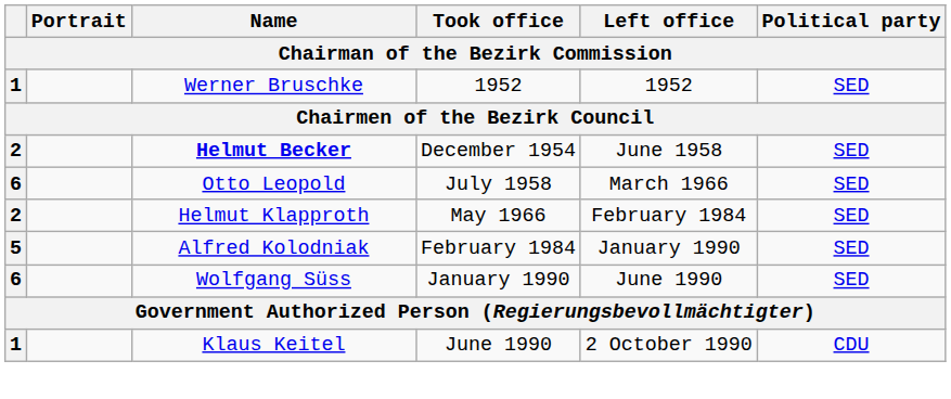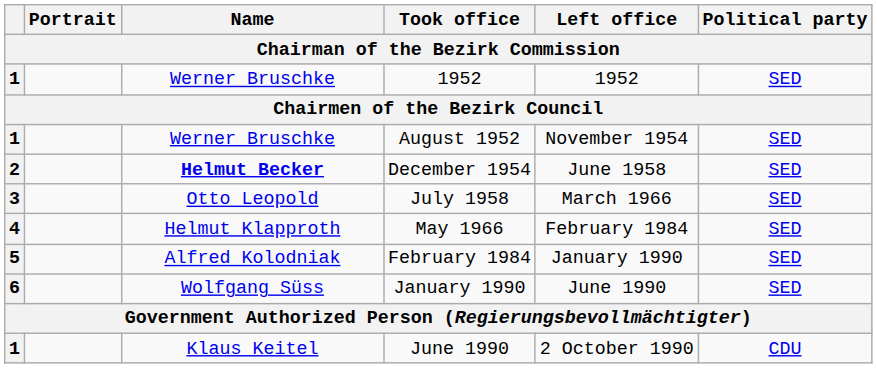 <table class="wikitable" style="text-align:center">
 <tr>
 <th></th>
 <th>Portrait</th>
 <th width=180>Name<br></th>
 <th>Took office</th>
 <th>Left office</th>
 <th>Political party</th>
 </tr>
 <tr>
 <th colspan=6>Chairman of the Bezirk Commission</th>
 </tr>
 <tr>
 <th style="background:">1</th>
 <td></td>
 <td><a href='#'>Werner Bruschke</a><br></td>
 <td>1952</td>
 <td>1952</td>
 <td><a href='#'>SED</a></td>
 </tr>
 <tr>
 <th colspan=6>Chairmen of the Bezirk Council</th>
 </tr>
 <tr>
+<th style="background:">1</th>
+<td></td>
+<td><a href='#'>Werner Bruschke</a><br></td>
+<td>August 1952</td>
+<td>November 1954</td>
+<td><a href='#'>SED</a></td>
+</tr>
+<tr>
 <th style="background:">2</th>
 <td></td>
 <td><strong><a href='#'>Helmut Becker</a><br></strong></td>
 <td>December 1954</td>
 <td>June 1958</td>
 <td><a href='#'>SED</a></td>
 </tr>
 <tr>
-<th style="background:">6</th>
+<th style="background:">3</th>
 <td></td>
 <td><a href='#'>Otto Leopold</a><br></td>
 <td>July 1958</td>
 <td>March 1966</td>
 <td><a href='#'>SED</a></td>
 </tr>
 <tr>
-<th style="background:">2</th>
+<th style="background:">4</th>
 <td></td>
 <td><a href='#'>Helmut Klapproth</a><br></td>
 <td>May 1966</td>
 <td>February 1984</td>
 <td><a href='#'>SED</a></td>
 </tr>
 <tr>
 <th style="background:">5</th>
 <td></td>
 <td><a href='#'>Alfred Kolodniak</a><br></td>
 <td>February 1984</td>
 <td>January 1990</td>
 <td><a href='#'>SED</a></td>
 </tr>
 <tr>
 <th style="background:">6</th>
 <td></td>
 <td><a href='#'>Wolfgang Süss</a><br></td>
 <td>January 1990</td>
 <td>June 1990</td>
 <td><a href='#'>SED</a></td>
 </tr>
 <tr>
 <th colspan=6>Government Authorized Person (<em>Regierungsbevollmächtigter</em>)</th>
 </tr>
 <tr>
 <th style="background:">1</th>
 <td></td>
 <td><a href='#'>Klaus Keitel</a><br></td>
 <td>June 1990</td>
 <td>2 October 1990</td>
 <td><a href='#'>CDU</a></td>
 </tr>
 </table>
